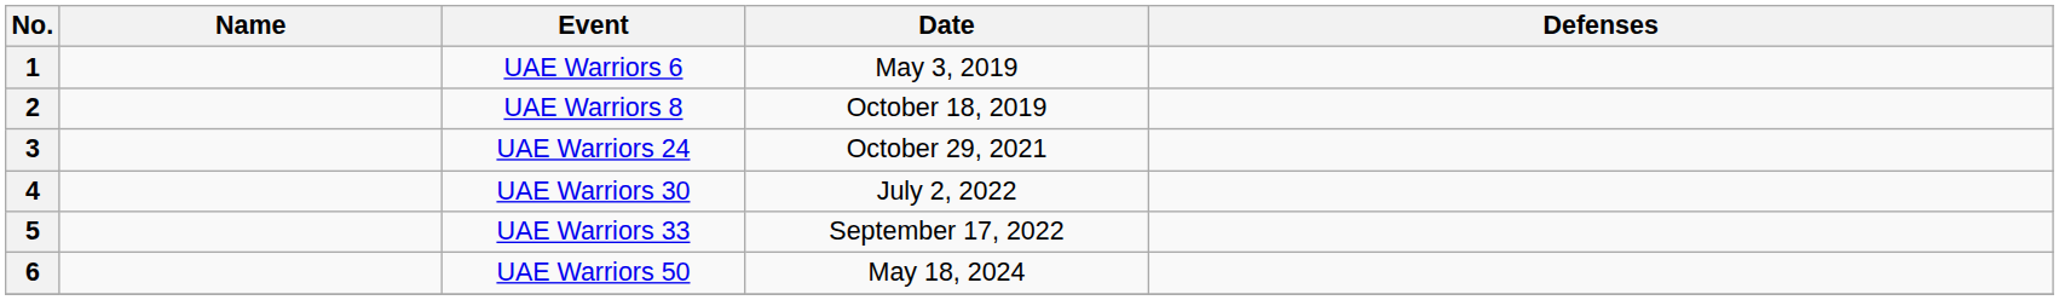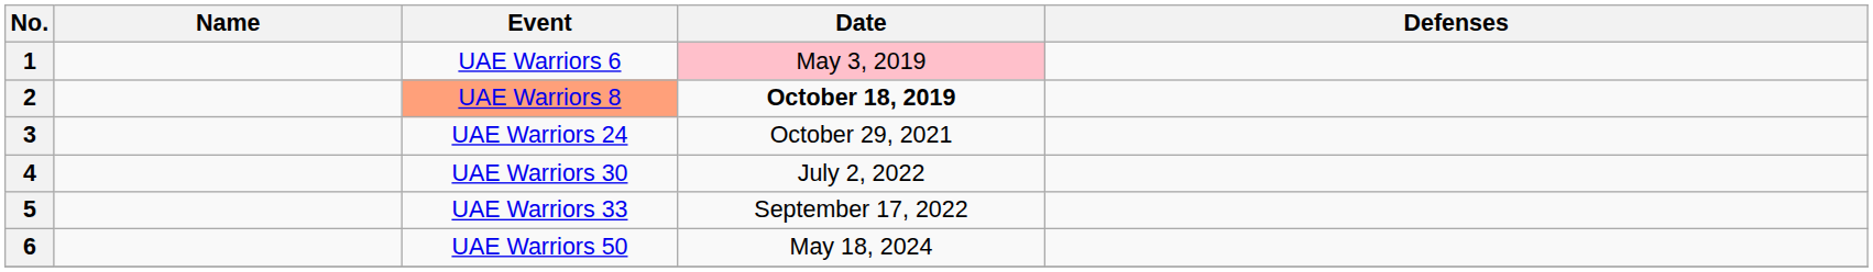 <table class="wikitable" width=100%>
 <tr>
 <th width=1%>No.</th>
 <th width=19%>Name</th>
 <th width=15%>Event</th>
 <th width=20%>Date</th>
 <th width=45%>Defenses</th>
 </tr>
 <tr>
 <th>1</th>
 <td align=left><br></td>
 <td align=center><a href='#'>UAE Warriors 6</a> <br></td>
-<td align=center>May 3, 2019</td>
+<td align=center style="background: pink;">May 3, 2019</td>
 <td></td>
 </tr>
 <tr>
 <th>2</th>
 <td align=left></td>
-<td align=center><a href='#'>UAE Warriors 8</a> <br></td>
-<td align=center>October 18, 2019</td>
+<td align=center style="background: lightsalmon;"><a href='#'>UAE Warriors 8</a> <br></td>
+<td align=center><strong>October 18, 2019</strong></td>
 <td></td>
 </tr>
 <tr>
 <th>3</th>
 <td align=left></td>
 <td align=center><a href='#'>UAE Warriors 24</a> <br></td>
 <td align=center>October 29, 2021</td>
 <td></td>
 </tr>
 <tr>
 <th>4</th>
 <td align=left></td>
 <td align=center><a href='#'>UAE Warriors 30</a> <br></td>
 <td align=center>July 2, 2022</td>
 <td></td>
 </tr>
 <tr>
 <th>5</th>
 <td align=left></td>
 <td align=center><a href='#'>UAE Warriors 33</a> <br></td>
 <td align=center>September 17, 2022</td>
 <td></td>
 </tr>
 <tr>
 <th>6</th>
 <td align=left></td>
 <td align=center><a href='#'>UAE Warriors 50</a> <br></td>
 <td align=center>May 18, 2024</td>
 <td></td>
 </tr>
 <tr>
 </tr>
 </table>
